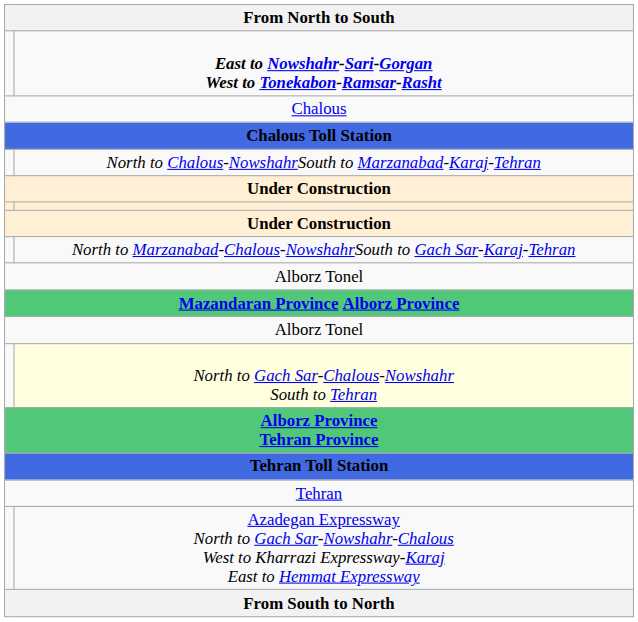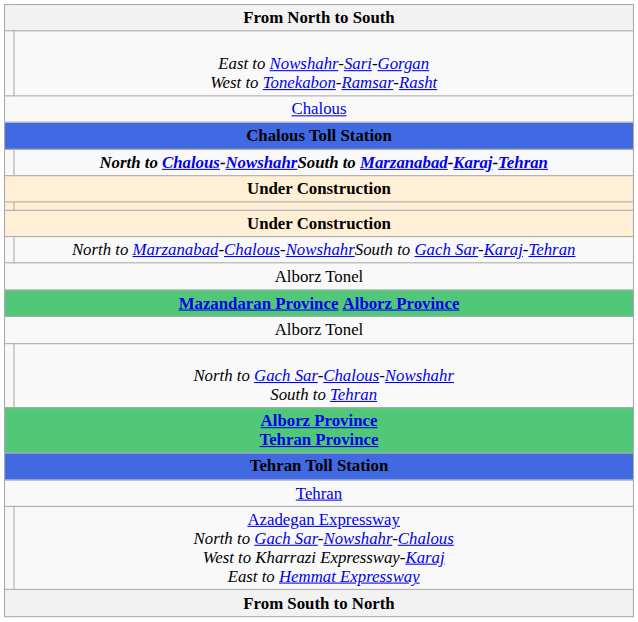 <table class="wikitable" style="text-align:center" width="600px">
 <tr>
 <th text-align="center" colspan="3"> From North to South </th>
 </tr>
 <tr>
 <td><br></td>
-<td><strong><br><em>East to <a href='#'>Nowshahr</a>-<a href='#'>Sari</a>-<a href='#'>Gorgan</a></em><br><em>West to <a href='#'>Tonekabon</a>-<a href='#'>Ramsar</a>-<a href='#'>Rasht</a></em></strong></td>
+<td><br><em>East to <a href='#'>Nowshahr</a>-<a href='#'>Sari</a>-<a href='#'>Gorgan</a></em><br><em>West to <a href='#'>Tonekabon</a>-<a href='#'>Ramsar</a>-<a href='#'>Rasht</a></em></td>
 </tr>
 <tr>
 <td colspan="7"  style="text-align:center; background:#F5 F5 DC;">  <a href='#'>Chalous</a> </td>
 </tr>
 <tr>
 <td colspan="7" align="center" bgcolor="#41 69 E1" color: #FFFFFF> <strong>Chalous Toll Station</strong></td>
 </tr>
 <tr>
 <td></td>
-<td><em>North to <a href='#'>Chalous</a>-<a href='#'>Nowshahr</a></em><em>South to <a href='#'>Marzanabad</a>-<a href='#'>Karaj</a>-<a href='#'>Tehran</a></em></td>
+<td><strong><em>North to <a href='#'>Chalous</a>-<a href='#'>Nowshahr</a></em><em>South to <a href='#'>Marzanabad</a>-<a href='#'>Karaj</a>-<a href='#'>Tehran</a></em></strong></td>
 </tr>
 <tr>
 <td text-align="center" colspan="3" bgcolor="#FFEFD5"> <strong>Under Construction</strong> </td>
 </tr>
 <tr bgcolor="#FFEFD5">
 <td></td>
 <td></td>
 </tr>
 <tr>
 <td text-align="center" colspan="3" bgcolor="#FFEFD5"> <strong>Under Construction</strong> </td>
 </tr>
 <tr>
 <td></td>
 <td><em>North to <a href='#'>Marzanabad</a>-<a href='#'>Chalous</a>-<a href='#'>Nowshahr</a></em><em>South to <a href='#'>Gach Sar</a>-<a href='#'>Karaj</a>-<a href='#'>Tehran</a></em></td>
 </tr>
 <tr>
 <td colspan="7" style="text-align:center; background:#F5 F5 DC;">  Alborz Tonel </td>
 </tr>
 <tr>
 <td colspan="7" align="center" bgcolor="#50 C8 78"> <strong><a href='#'>Mazandaran Province</a></strong>  <strong><a href='#'>Alborz Province</a></strong> </td>
 </tr>
 <tr>
 <td colspan="7" style="text-align:center; background:#F5 F5 DC;">  Alborz Tonel </td>
 </tr>
 <tr>
 <td></td>
-<td style="background: lightyellow;"><br><em>North to <a href='#'>Gach Sar</a>-<a href='#'>Chalous</a>-<a href='#'>Nowshahr</a></em><br><em>South to <a href='#'>Tehran</a></em></td>
+<td><br><em>North to <a href='#'>Gach Sar</a>-<a href='#'>Chalous</a>-<a href='#'>Nowshahr</a></em><br><em>South to <a href='#'>Tehran</a></em></td>
 </tr>
 <tr>
 <td colspan="7" align="center" bgcolor="#50 C8 78"> <strong><a href='#'>Alborz Province</a></strong> <br> <strong><a href='#'>Tehran Province</a></strong> </td>
 </tr>
 <tr>
 <td colspan="7" align="center" bgcolor="#41 69 E1" color: #FFFFFF> <strong>Tehran Toll Station</strong></td>
 </tr>
 <tr>
 <td colspan="7"  style="text-align:center; background:#F5 F5 DC;">  <a href='#'>Tehran</a> </td>
 </tr>
 <tr>
 <td><br></td>
 <td> <a href='#'>Azadegan Expressway</a><br><em>North to <a href='#'>Gach Sar</a>-<a href='#'>Nowshahr</a>-<a href='#'>Chalous</a></em><br><em>West to Kharrazi Expressway-<a href='#'>Karaj</a></em><br><em>East to <a href='#'>Hemmat Expressway</a></em></td>
 </tr>
 <tr>
 <th text-align="center" colspan="3"> From South to North </th>
 </tr>
 </table>
